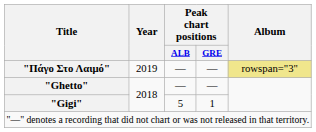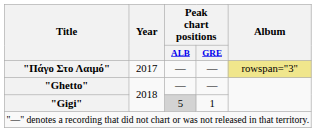 <table class="wikitable plainrowheaders" style="text-align:center;">
 <tr>
 <th scope="col" rowspan="2">Title</th>
 <th scope="col" rowspan="2">Year</th>
 <th scope="col" colspan="2">Peak<br>chart<br>positions</th>
 <th scope="col" rowspan="2">Album</th>
 </tr>
 <tr>
 <th style="width:3em; font-size:85%;"><a href='#'>ALB</a><br></th>
 <th style="width:3em; font-size:85%;"><a href='#'>GRE</a><br></th>
 </tr>
 <tr>
 <th scope="row">"Πάγο Στο Λαιμό"<br></th>
-<td>2019</td>
+<td>2017</td>
 <td>—</td>
 <td>—</td>
 <td style="background: khaki;">rowspan="3" </td>
 </tr>
 <tr>
 <th scope="row">"Ghetto"<br></th>
 <td rowspan="2">2018</td>
 <td>—</td>
 <td>—</td>
 </tr>
 <tr>
 <th scope="row">"Gigi"<br></th>
-<td>5</td>
+<td style="background: lightgrey;">5</td>
 <td>1</td>
 </tr>
 <tr>
 <td colspan="11" style="font-size:90%">"—" denotes a recording that did not chart or was not released in that territory.</td>
 </tr>
 </table>
